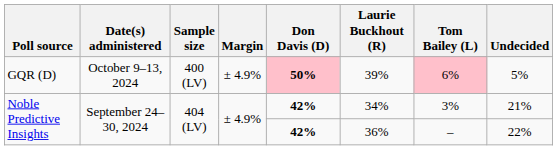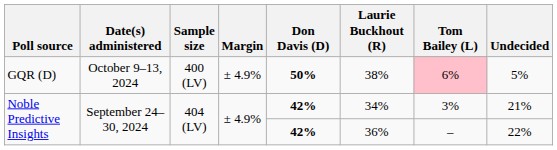 <table class="wikitable" style="font-size:90%;text-align:center;">
 <tr valign=bottom>
 <th>Poll source</th>
 <th>Date(s)<br>administered</th>
 <th>Sample<br>size</th>
 <th>Margin<br></th>
 <th style="width:75px;">Don<br>Davis (D)</th>
 <th style="width:75px;">Laurie<br>Buckhout (R)</th>
 <th style="width:75px;">Tom<br>Bailey (L)</th>
 <th>Undecided</th>
 </tr>
 <tr>
 <td style="text-align:left">GQR (D)</td>
 <td>October 9–13, 2024</td>
 <td>400 (LV)</td>
 <td>± 4.9%</td>
-<td style="background: pink;"><strong>50%</strong></td>
-<td>39%</td>
+<td><strong>50%</strong></td>
+<td>38%</td>
 <td style="background: pink;">6%</td>
 <td>5%</td>
 </tr>
 <tr>
 <td style="text-align:left;"rowspan="2"><a href='#'>Noble Predictive Insights</a></td>
 <td rowspan="2">September 24–30, 2024</td>
 <td rowspan="2">404 (LV)</td>
 <td rowspan="2">± 4.9%</td>
 <td><strong>42%</strong></td>
 <td>34%</td>
 <td>3%</td>
 <td>21%</td>
 </tr>
 <tr>
 <td><strong>42%</strong></td>
 <td>36%</td>
 <td>–</td>
 <td>22%</td>
 </tr>
 </table>
